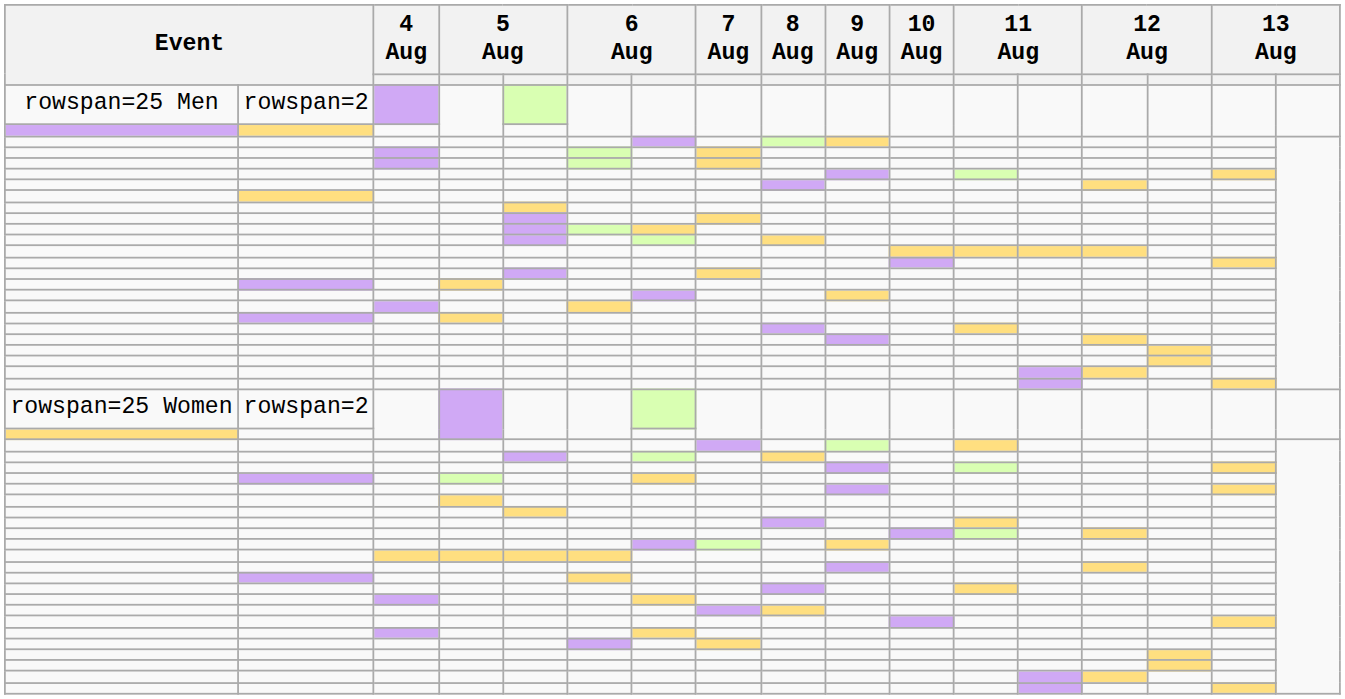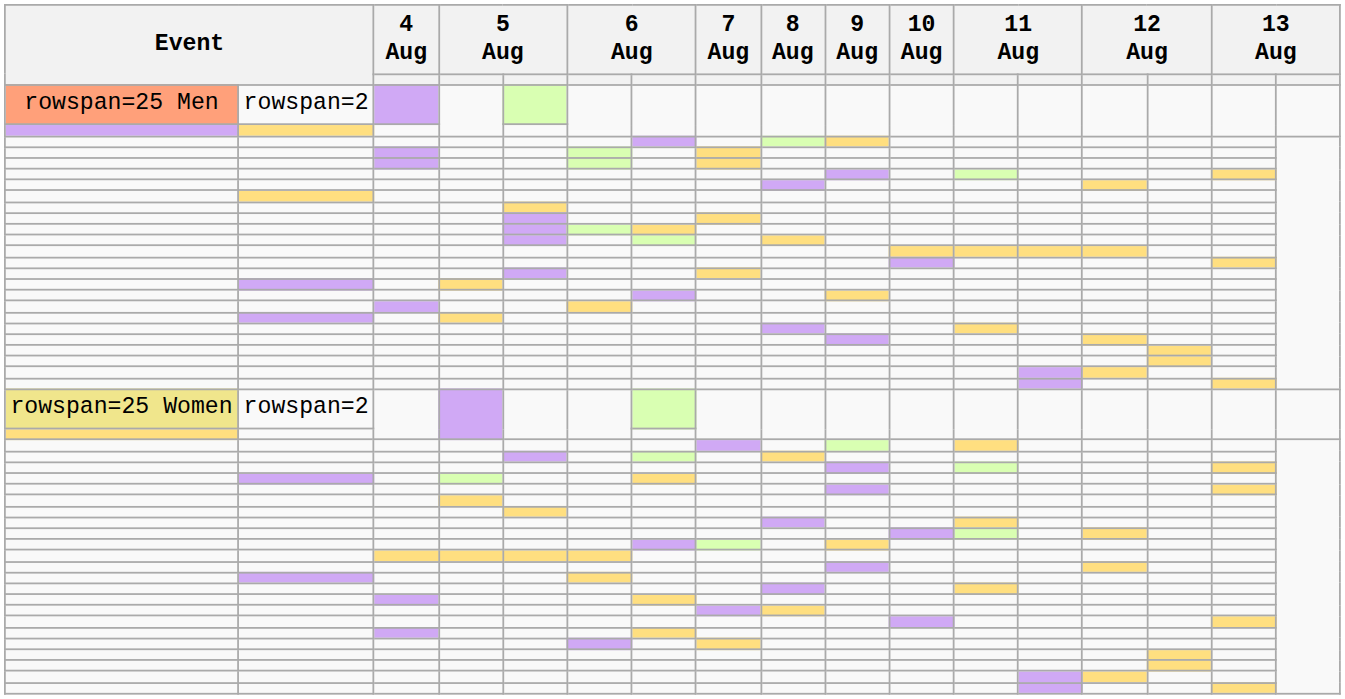 <table class="wikitable sortable sort-under mw-collapsible" style="text-align:center;line-height:1.25em;">
 <tr>
 <th rowspan=2 colspan=2>Event</th>
 <th>4<br>Aug</th>
 <th colspan=2>5<br>Aug</th>
 <th colspan=2>6<br>Aug</th>
 <th>7<br>Aug</th>
 <th>8<br>Aug</th>
 <th>9<br>Aug</th>
 <th>10<br>Aug</th>
 <th colspan=2>11<br>Aug</th>
 <th colspan=2>12<br>Aug</th>
 <th colspan=2>13<br>Aug</th>
 </tr>
 <tr>
 <th style="width:30px;"></th>
 <th style="width:30px;"></th>
 <th style="width:30px;"></th>
 <th style="width:30px;"></th>
 <th style="width:30px;"></th>
 <th style="width:30px;"></th>
 <th style="width:30px;"></th>
 <th style="width:30px;"></th>
 <th style="width:30px;"></th>
 <th style="width:30px;"></th>
 <th style="width:30px;"></th>
 <th style="width:30px;"></th>
 <th style="width:30px;"></th>
 <th style="width:30px;"></th>
 <th style="width:30px;"></th>
 </tr>
 <tr>
-<td>rowspan=25 Men</td>
+<td style="background: lightsalmon;">rowspan=25 Men</td>
 <td>rowspan=2 </td>
 <td style="background-color:#D0A9F5;"></td>
 <td rowspan=2></td>
 <td style="background-color:#D9FFB2;"></td>
 <td rowspan=2></td>
 <td rowspan=2></td>
 <td rowspan=2></td>
 <td rowspan=2></td>
 <td rowspan=2></td>
 <td rowspan=2></td>
 <td rowspan=2></td>
 <td rowspan=2></td>
 <td rowspan=2></td>
 <td rowspan=2></td>
 <td rowspan=2></td>
 <td rowspan=2></td>
 </tr>
 <tr>
 <td style="background-color:#D0A9F5;"></td>
 <td style="background-color:#FFDF80;"></td>
 </tr>
 <tr>
 <td></td>
 <td></td>
 <td></td>
 <td></td>
 <td></td>
 <td></td>
 <td style="background-color:#D0A9F5;"></td>
 <td></td>
 <td style="background-color:#D9FFB2;"></td>
 <td style="background-color:#FFDF80;"></td>
 <td></td>
 <td></td>
 <td></td>
 <td></td>
 <td></td>
 <td></td>
 </tr>
 <tr>
 <td></td>
 <td></td>
 <td style="background-color:#D0A9F5;"></td>
 <td></td>
 <td></td>
 <td style="background-color:#D9FFB2;"></td>
 <td></td>
 <td style="background-color:#FFDF80;"></td>
 <td></td>
 <td></td>
 <td></td>
 <td></td>
 <td></td>
 <td></td>
 <td></td>
 <td></td>
 </tr>
 <tr>
 <td></td>
 <td></td>
 <td style="background-color:#D0A9F5;"></td>
 <td></td>
 <td></td>
 <td style="background-color:#D9FFB2;"></td>
 <td></td>
 <td style="background-color:#FFDF80;"></td>
 <td></td>
 <td></td>
 <td></td>
 <td></td>
 <td></td>
 <td></td>
 <td></td>
 <td></td>
 </tr>
 <tr>
 <td></td>
 <td></td>
 <td></td>
 <td></td>
 <td></td>
 <td></td>
 <td></td>
 <td></td>
 <td></td>
 <td style="background-color:#D0A9F5;"></td>
 <td></td>
 <td style="background-color:#D9FFB2;"></td>
 <td></td>
 <td></td>
 <td></td>
 <td style="background-color:#FFDF80;"></td>
 </tr>
 <tr>
 <td></td>
 <td></td>
 <td></td>
 <td></td>
 <td></td>
 <td></td>
 <td></td>
 <td></td>
 <td style="background-color:#D0A9F5;"></td>
 <td></td>
 <td></td>
 <td></td>
 <td></td>
 <td style="background-color:#FFDF80;"></td>
 <td></td>
 <td></td>
 </tr>
 <tr>
 <td></td>
 <td style="background-color:#FFDF80;"></td>
 <td></td>
 <td></td>
 <td></td>
 <td></td>
 <td></td>
 <td></td>
 <td></td>
 <td></td>
 <td></td>
 <td></td>
 <td></td>
 <td></td>
 <td></td>
 <td></td>
 </tr>
 <tr>
 <td></td>
 <td></td>
 <td></td>
 <td></td>
 <td style="background-color:#FFDF80;"></td>
 <td></td>
 <td></td>
 <td></td>
 <td></td>
 <td></td>
 <td></td>
 <td></td>
 <td></td>
 <td></td>
 <td></td>
 <td></td>
 </tr>
 <tr>
 <td></td>
 <td></td>
 <td></td>
 <td></td>
 <td style="background-color:#D0A9F5;"></td>
 <td></td>
 <td></td>
 <td style="background-color:#FFDF80;"></td>
 <td></td>
 <td></td>
 <td></td>
 <td></td>
 <td></td>
 <td></td>
 <td></td>
 <td></td>
 </tr>
 <tr>
 <td></td>
 <td></td>
 <td></td>
 <td></td>
 <td style="background-color:#D0A9F5;"></td>
 <td style="background-color:#D9FFB2;"></td>
 <td style="background-color:#FFDF80;"></td>
 <td></td>
 <td></td>
 <td></td>
 <td></td>
 <td></td>
 <td></td>
 <td></td>
 <td></td>
 <td></td>
 </tr>
 <tr>
 <td></td>
 <td></td>
 <td></td>
 <td></td>
 <td style="background-color:#D0A9F5;"></td>
 <td></td>
 <td style="background-color:#D9FFB2;"></td>
 <td></td>
 <td style="background-color:#FFDF80;"></td>
 <td></td>
 <td></td>
 <td></td>
 <td></td>
 <td></td>
 <td></td>
 <td></td>
 </tr>
 <tr>
 <td></td>
 <td></td>
 <td></td>
 <td></td>
 <td></td>
 <td></td>
 <td></td>
 <td></td>
 <td></td>
 <td></td>
 <td style="background-color:#FFDF80;"></td>
 <td style="background-color:#FFDF80;"></td>
 <td style="background-color:#FFDF80;"></td>
 <td style="background-color:#FFDF80;"></td>
 <td></td>
 <td></td>
 </tr>
 <tr>
 <td></td>
 <td></td>
 <td></td>
 <td></td>
 <td></td>
 <td></td>
 <td></td>
 <td></td>
 <td></td>
 <td></td>
 <td style="background-color:#D0A9F5;"></td>
 <td></td>
 <td></td>
 <td></td>
 <td></td>
 <td style="background-color:#FFDF80;"></td>
 </tr>
 <tr>
 <td></td>
 <td></td>
 <td></td>
 <td></td>
 <td style="background-color:#D0A9F5;"></td>
 <td></td>
 <td></td>
 <td style="background-color:#FFDF80;"></td>
 <td></td>
 <td></td>
 <td></td>
 <td></td>
 <td></td>
 <td></td>
 <td></td>
 <td></td>
 </tr>
 <tr>
 <td></td>
 <td style="background-color:#D0A9F5;"></td>
 <td></td>
 <td style="background-color:#FFDF80;"></td>
 <td></td>
 <td></td>
 <td></td>
 <td></td>
 <td></td>
 <td></td>
 <td></td>
 <td></td>
 <td></td>
 <td></td>
 <td></td>
 <td></td>
 </tr>
 <tr>
 <td></td>
 <td></td>
 <td></td>
 <td></td>
 <td></td>
 <td></td>
 <td style="background-color:#D0A9F5;"></td>
 <td></td>
 <td></td>
 <td style="background-color:#FFDF80;"></td>
 <td></td>
 <td></td>
 <td></td>
 <td></td>
 <td></td>
 <td></td>
 </tr>
 <tr>
 <td></td>
 <td></td>
 <td style="background-color:#D0A9F5;"></td>
 <td></td>
 <td></td>
 <td style="background-color:#FFDF80;"></td>
 <td></td>
 <td></td>
 <td></td>
 <td></td>
 <td></td>
 <td></td>
 <td></td>
 <td></td>
 <td></td>
 <td></td>
 </tr>
 <tr>
 <td></td>
 <td style="background-color:#D0A9F5;"></td>
 <td></td>
 <td style="background-color:#FFDF80;"></td>
 <td></td>
 <td></td>
 <td></td>
 <td></td>
 <td></td>
 <td></td>
 <td></td>
 <td></td>
 <td></td>
 <td></td>
 <td></td>
 <td></td>
 </tr>
 <tr>
 <td></td>
 <td></td>
 <td></td>
 <td></td>
 <td></td>
 <td></td>
 <td></td>
 <td></td>
 <td style="background-color:#D0A9F5;"></td>
 <td></td>
 <td></td>
 <td style="background-color:#FFDF80;"></td>
 <td></td>
 <td></td>
 <td></td>
 <td></td>
 </tr>
 <tr>
 <td></td>
 <td></td>
 <td></td>
 <td></td>
 <td></td>
 <td></td>
 <td></td>
 <td></td>
 <td></td>
 <td style="background-color:#D0A9F5;"></td>
 <td></td>
 <td></td>
 <td></td>
 <td style="background-color:#FFDF80;"></td>
 <td></td>
 <td></td>
 </tr>
 <tr>
 <td></td>
 <td></td>
 <td></td>
 <td></td>
 <td></td>
 <td></td>
 <td></td>
 <td></td>
 <td></td>
 <td></td>
 <td></td>
 <td></td>
 <td></td>
 <td></td>
 <td style="background-color:#FFDF80;"></td>
 <td></td>
 </tr>
 <tr>
 <td></td>
 <td></td>
 <td></td>
 <td></td>
 <td></td>
 <td></td>
 <td></td>
 <td></td>
 <td></td>
 <td></td>
 <td></td>
 <td></td>
 <td></td>
 <td></td>
 <td style="background-color:#FFDF80;"></td>
 <td></td>
 </tr>
 <tr>
 <td></td>
 <td></td>
 <td></td>
 <td></td>
 <td></td>
 <td></td>
 <td></td>
 <td></td>
 <td></td>
 <td></td>
 <td></td>
 <td></td>
 <td style="background-color:#D0A9F5;"></td>
 <td style="background-color:#FFDF80;"></td>
 <td></td>
 <td></td>
 </tr>
 <tr>
 <td></td>
 <td></td>
 <td></td>
 <td></td>
 <td></td>
 <td></td>
 <td></td>
 <td></td>
 <td></td>
 <td></td>
 <td></td>
 <td></td>
 <td style="background-color:#D0A9F5;"></td>
 <td></td>
 <td></td>
 <td style="background-color:#FFDF80;"></td>
 </tr>
 <tr>
-<td>rowspan=25 Women</td>
+<td style="background: khaki;">rowspan=25 Women</td>
 <td>rowspan=2 </td>
 <td rowspan=2></td>
 <td rowspan=2 style="background-color:#D0A9F5;"></td>
 <td rowspan=2></td>
 <td rowspan=2></td>
 <td style="background-color:#D9FFB2;"></td>
 <td rowspan=2></td>
 <td rowspan=2></td>
 <td rowspan=2></td>
 <td rowspan=2></td>
 <td rowspan=2></td>
 <td rowspan=2></td>
 <td rowspan=2></td>
 <td rowspan=2></td>
 <td rowspan=2></td>
 <td rowspan=2></td>
 </tr>
 <tr>
 <td style="background-color:#FFDF80;"></td>
 </tr>
 <tr>
 <td></td>
 <td></td>
 <td></td>
 <td></td>
 <td></td>
 <td></td>
 <td></td>
 <td style="background-color:#D0A9F5;"></td>
 <td></td>
 <td style="background-color:#D9FFB2;"></td>
 <td></td>
 <td style="background-color:#FFDF80;"></td>
 <td></td>
 <td></td>
 <td></td>
 <td></td>
 </tr>
 <tr>
 <td></td>
 <td></td>
 <td></td>
 <td></td>
 <td style="background-color:#D0A9F5;"></td>
 <td></td>
 <td style="background-color:#D9FFB2;"></td>
 <td></td>
 <td style="background-color:#FFDF80;"></td>
 <td></td>
 <td></td>
 <td></td>
 <td></td>
 <td></td>
 <td></td>
 <td></td>
 </tr>
 <tr>
 <td></td>
 <td></td>
 <td></td>
 <td></td>
 <td></td>
 <td></td>
 <td></td>
 <td></td>
 <td></td>
 <td style="background-color:#D0A9F5;"></td>
 <td></td>
 <td style="background-color:#D9FFB2;"></td>
 <td></td>
 <td></td>
 <td></td>
 <td style="background-color:#FFDF80;"></td>
 </tr>
 <tr>
 <td></td>
 <td style="background-color:#D0A9F5;"></td>
 <td></td>
 <td style="background-color:#D9FFB2;"></td>
 <td></td>
 <td></td>
 <td style="background-color:#FFDF80;"></td>
 <td></td>
 <td></td>
 <td></td>
 <td></td>
 <td></td>
 <td></td>
 <td></td>
 <td></td>
 <td></td>
 </tr>
 <tr>
 <td></td>
 <td></td>
 <td></td>
 <td></td>
 <td></td>
 <td></td>
 <td></td>
 <td></td>
 <td></td>
 <td style="background-color:#D0A9F5;"></td>
 <td></td>
 <td></td>
 <td></td>
 <td></td>
 <td></td>
 <td style="background-color:#FFDF80;"></td>
 </tr>
 <tr>
 <td></td>
 <td></td>
 <td></td>
 <td style="background-color:#FFDF80;"></td>
 <td></td>
 <td></td>
 <td></td>
 <td></td>
 <td></td>
 <td></td>
 <td></td>
 <td></td>
 <td></td>
 <td></td>
 <td></td>
 <td></td>
 </tr>
 <tr>
 <td></td>
 <td></td>
 <td></td>
 <td></td>
 <td style="background-color:#FFDF80;"></td>
 <td></td>
 <td></td>
 <td></td>
 <td></td>
 <td></td>
 <td></td>
 <td></td>
 <td></td>
 <td></td>
 <td></td>
 <td></td>
 </tr>
 <tr>
 <td></td>
 <td></td>
 <td></td>
 <td></td>
 <td></td>
 <td></td>
 <td></td>
 <td></td>
 <td style="background-color:#D0A9F5;"></td>
 <td></td>
 <td></td>
 <td style="background-color:#FFDF80;"></td>
 <td></td>
 <td></td>
 <td></td>
 <td></td>
 </tr>
 <tr>
 <td></td>
 <td></td>
 <td></td>
 <td></td>
 <td></td>
 <td></td>
 <td></td>
 <td></td>
 <td></td>
 <td></td>
 <td style="background-color:#D0A9F5;"></td>
 <td style="background-color:#D9FFB2;"></td>
 <td></td>
 <td style="background-color:#FFDF80;"></td>
 <td></td>
 <td></td>
 </tr>
 <tr>
 <td></td>
 <td></td>
 <td></td>
 <td></td>
 <td></td>
 <td></td>
 <td style="background-color:#D0A9F5;"></td>
 <td style="background-color:#D9FFB2;"></td>
 <td></td>
 <td style="background-color:#FFDF80;"></td>
 <td></td>
 <td></td>
 <td></td>
 <td></td>
 <td></td>
 <td></td>
 </tr>
 <tr>
 <td></td>
 <td></td>
 <td style="background-color:#FFDF80;"></td>
 <td style="background-color:#FFDF80;"></td>
 <td style="background-color:#FFDF80;"></td>
 <td style="background-color:#FFDF80;"></td>
 <td></td>
 <td></td>
 <td></td>
 <td></td>
 <td></td>
 <td></td>
 <td></td>
 <td></td>
 <td></td>
 <td></td>
 </tr>
 <tr>
 <td></td>
 <td></td>
 <td></td>
 <td></td>
 <td></td>
 <td></td>
 <td></td>
 <td></td>
 <td></td>
 <td style="background-color:#D0A9F5;"></td>
 <td></td>
 <td></td>
 <td></td>
 <td style="background-color:#FFDF80;"></td>
 <td></td>
 <td></td>
 </tr>
 <tr>
 <td></td>
 <td style="background-color:#D0A9F5;"></td>
 <td></td>
 <td></td>
 <td></td>
 <td style="background-color:#FFDF80;"></td>
 <td></td>
 <td></td>
 <td></td>
 <td></td>
 <td></td>
 <td></td>
 <td></td>
 <td></td>
 <td></td>
 <td></td>
 </tr>
 <tr>
 <td></td>
 <td></td>
 <td></td>
 <td></td>
 <td></td>
 <td></td>
 <td></td>
 <td></td>
 <td style="background-color:#D0A9F5;"></td>
 <td></td>
 <td></td>
 <td style="background-color:#FFDF80;"></td>
 <td></td>
 <td></td>
 <td></td>
 <td></td>
 </tr>
 <tr>
 <td></td>
 <td></td>
 <td style="background-color:#D0A9F5;"></td>
 <td></td>
 <td></td>
 <td></td>
 <td style="background-color:#FFDF80;"></td>
 <td></td>
 <td></td>
 <td></td>
 <td></td>
 <td></td>
 <td></td>
 <td></td>
 <td></td>
 <td></td>
 </tr>
 <tr>
 <td></td>
 <td></td>
 <td></td>
 <td></td>
 <td></td>
 <td></td>
 <td></td>
 <td style="background-color:#D0A9F5;"></td>
 <td style="background-color:#FFDF80;"></td>
 <td></td>
 <td></td>
 <td></td>
 <td></td>
 <td></td>
 <td></td>
 <td></td>
 </tr>
 <tr>
 <td></td>
 <td></td>
 <td></td>
 <td></td>
 <td></td>
 <td></td>
 <td></td>
 <td></td>
 <td></td>
 <td></td>
 <td style="background-color:#D0A9F5;"></td>
 <td></td>
 <td></td>
 <td></td>
 <td></td>
 <td style="background-color:#FFDF80;"></td>
 </tr>
 <tr>
 <td></td>
 <td></td>
 <td style="background-color:#D0A9F5;"></td>
 <td></td>
 <td></td>
 <td></td>
 <td style="background-color:#FFDF80;"></td>
 <td></td>
 <td></td>
 <td></td>
 <td></td>
 <td></td>
 <td></td>
 <td></td>
 <td></td>
 <td></td>
 </tr>
 <tr>
 <td></td>
 <td></td>
 <td></td>
 <td></td>
 <td></td>
 <td style="background-color:#D0A9F5;"></td>
 <td></td>
 <td style="background-color:#FFDF80;"></td>
 <td></td>
 <td></td>
 <td></td>
 <td></td>
 <td></td>
 <td></td>
 <td></td>
 <td></td>
 </tr>
 <tr>
 <td></td>
 <td></td>
 <td></td>
 <td></td>
 <td></td>
 <td></td>
 <td></td>
 <td></td>
 <td></td>
 <td></td>
 <td></td>
 <td></td>
 <td></td>
 <td></td>
 <td style="background-color:#FFDF80;"></td>
 <td></td>
 </tr>
 <tr>
 <td></td>
 <td></td>
 <td></td>
 <td></td>
 <td></td>
 <td></td>
 <td></td>
 <td></td>
 <td></td>
 <td></td>
 <td></td>
 <td></td>
 <td></td>
 <td></td>
 <td style="background-color:#FFDF80;"></td>
 <td></td>
 </tr>
 <tr>
 <td></td>
 <td></td>
 <td></td>
 <td></td>
 <td></td>
 <td></td>
 <td></td>
 <td></td>
 <td></td>
 <td></td>
 <td></td>
 <td></td>
 <td style="background-color:#D0A9F5;"></td>
 <td style="background-color:#FFDF80;"></td>
 <td></td>
 <td></td>
 </tr>
 <tr>
 <td></td>
 <td></td>
 <td></td>
 <td></td>
 <td></td>
 <td></td>
 <td></td>
 <td></td>
 <td></td>
 <td></td>
 <td></td>
 <td></td>
 <td style="background-color:#D0A9F5;"></td>
 <td></td>
 <td></td>
 <td style="background-color:#FFDF80;"></td>
 </tr>
 </table>
